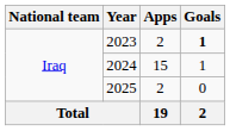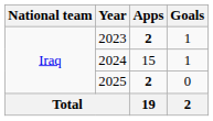 <table class="wikitable" style="text-align:center">
 <tr>
 <th>National team</th>
 <th>Year</th>
 <th>Apps</th>
 <th>Goals</th>
 </tr>
 <tr>
 <td rowspan="3"><a href='#'>Iraq</a></td>
 <td>2023</td>
-<td>2</td>
-<td><strong>1</strong></td>
+<td><strong>2</strong></td>
+<td>1</td>
 </tr>
 <tr>
 <td>2024</td>
 <td>15</td>
 <td>1</td>
 </tr>
 <tr>
 <td>2025</td>
-<td>2</td>
+<td><strong>2</strong></td>
 <td>0</td>
 </tr>
 <tr>
 <th colspan="2">Total</th>
 <th>19</th>
 <th>2</th>
 </tr>
 </table>
